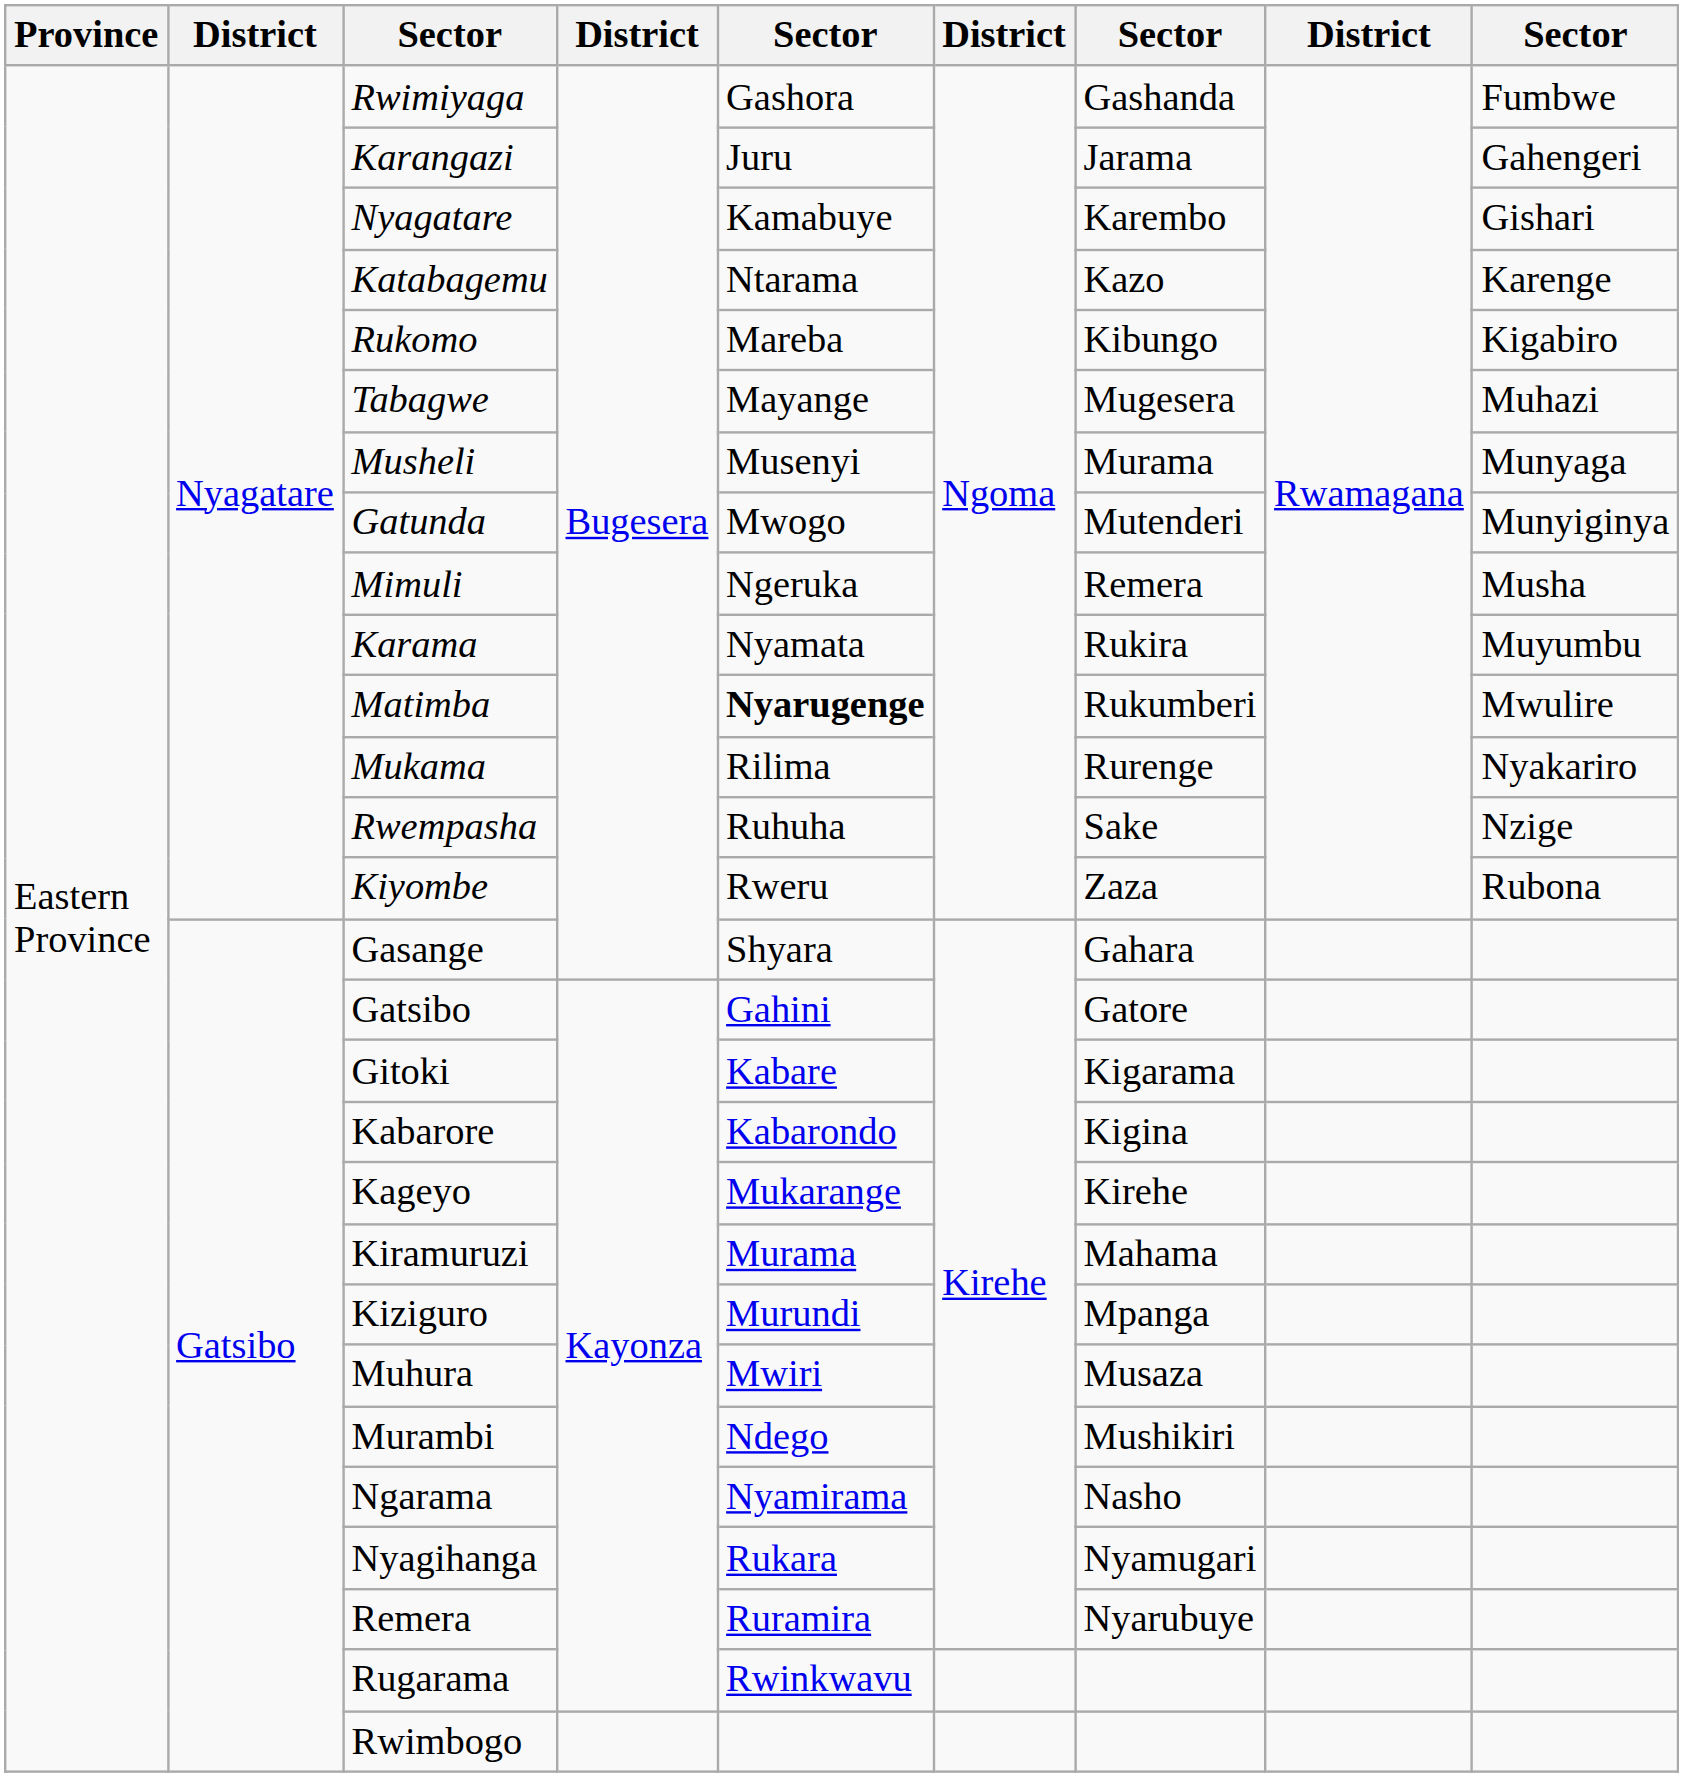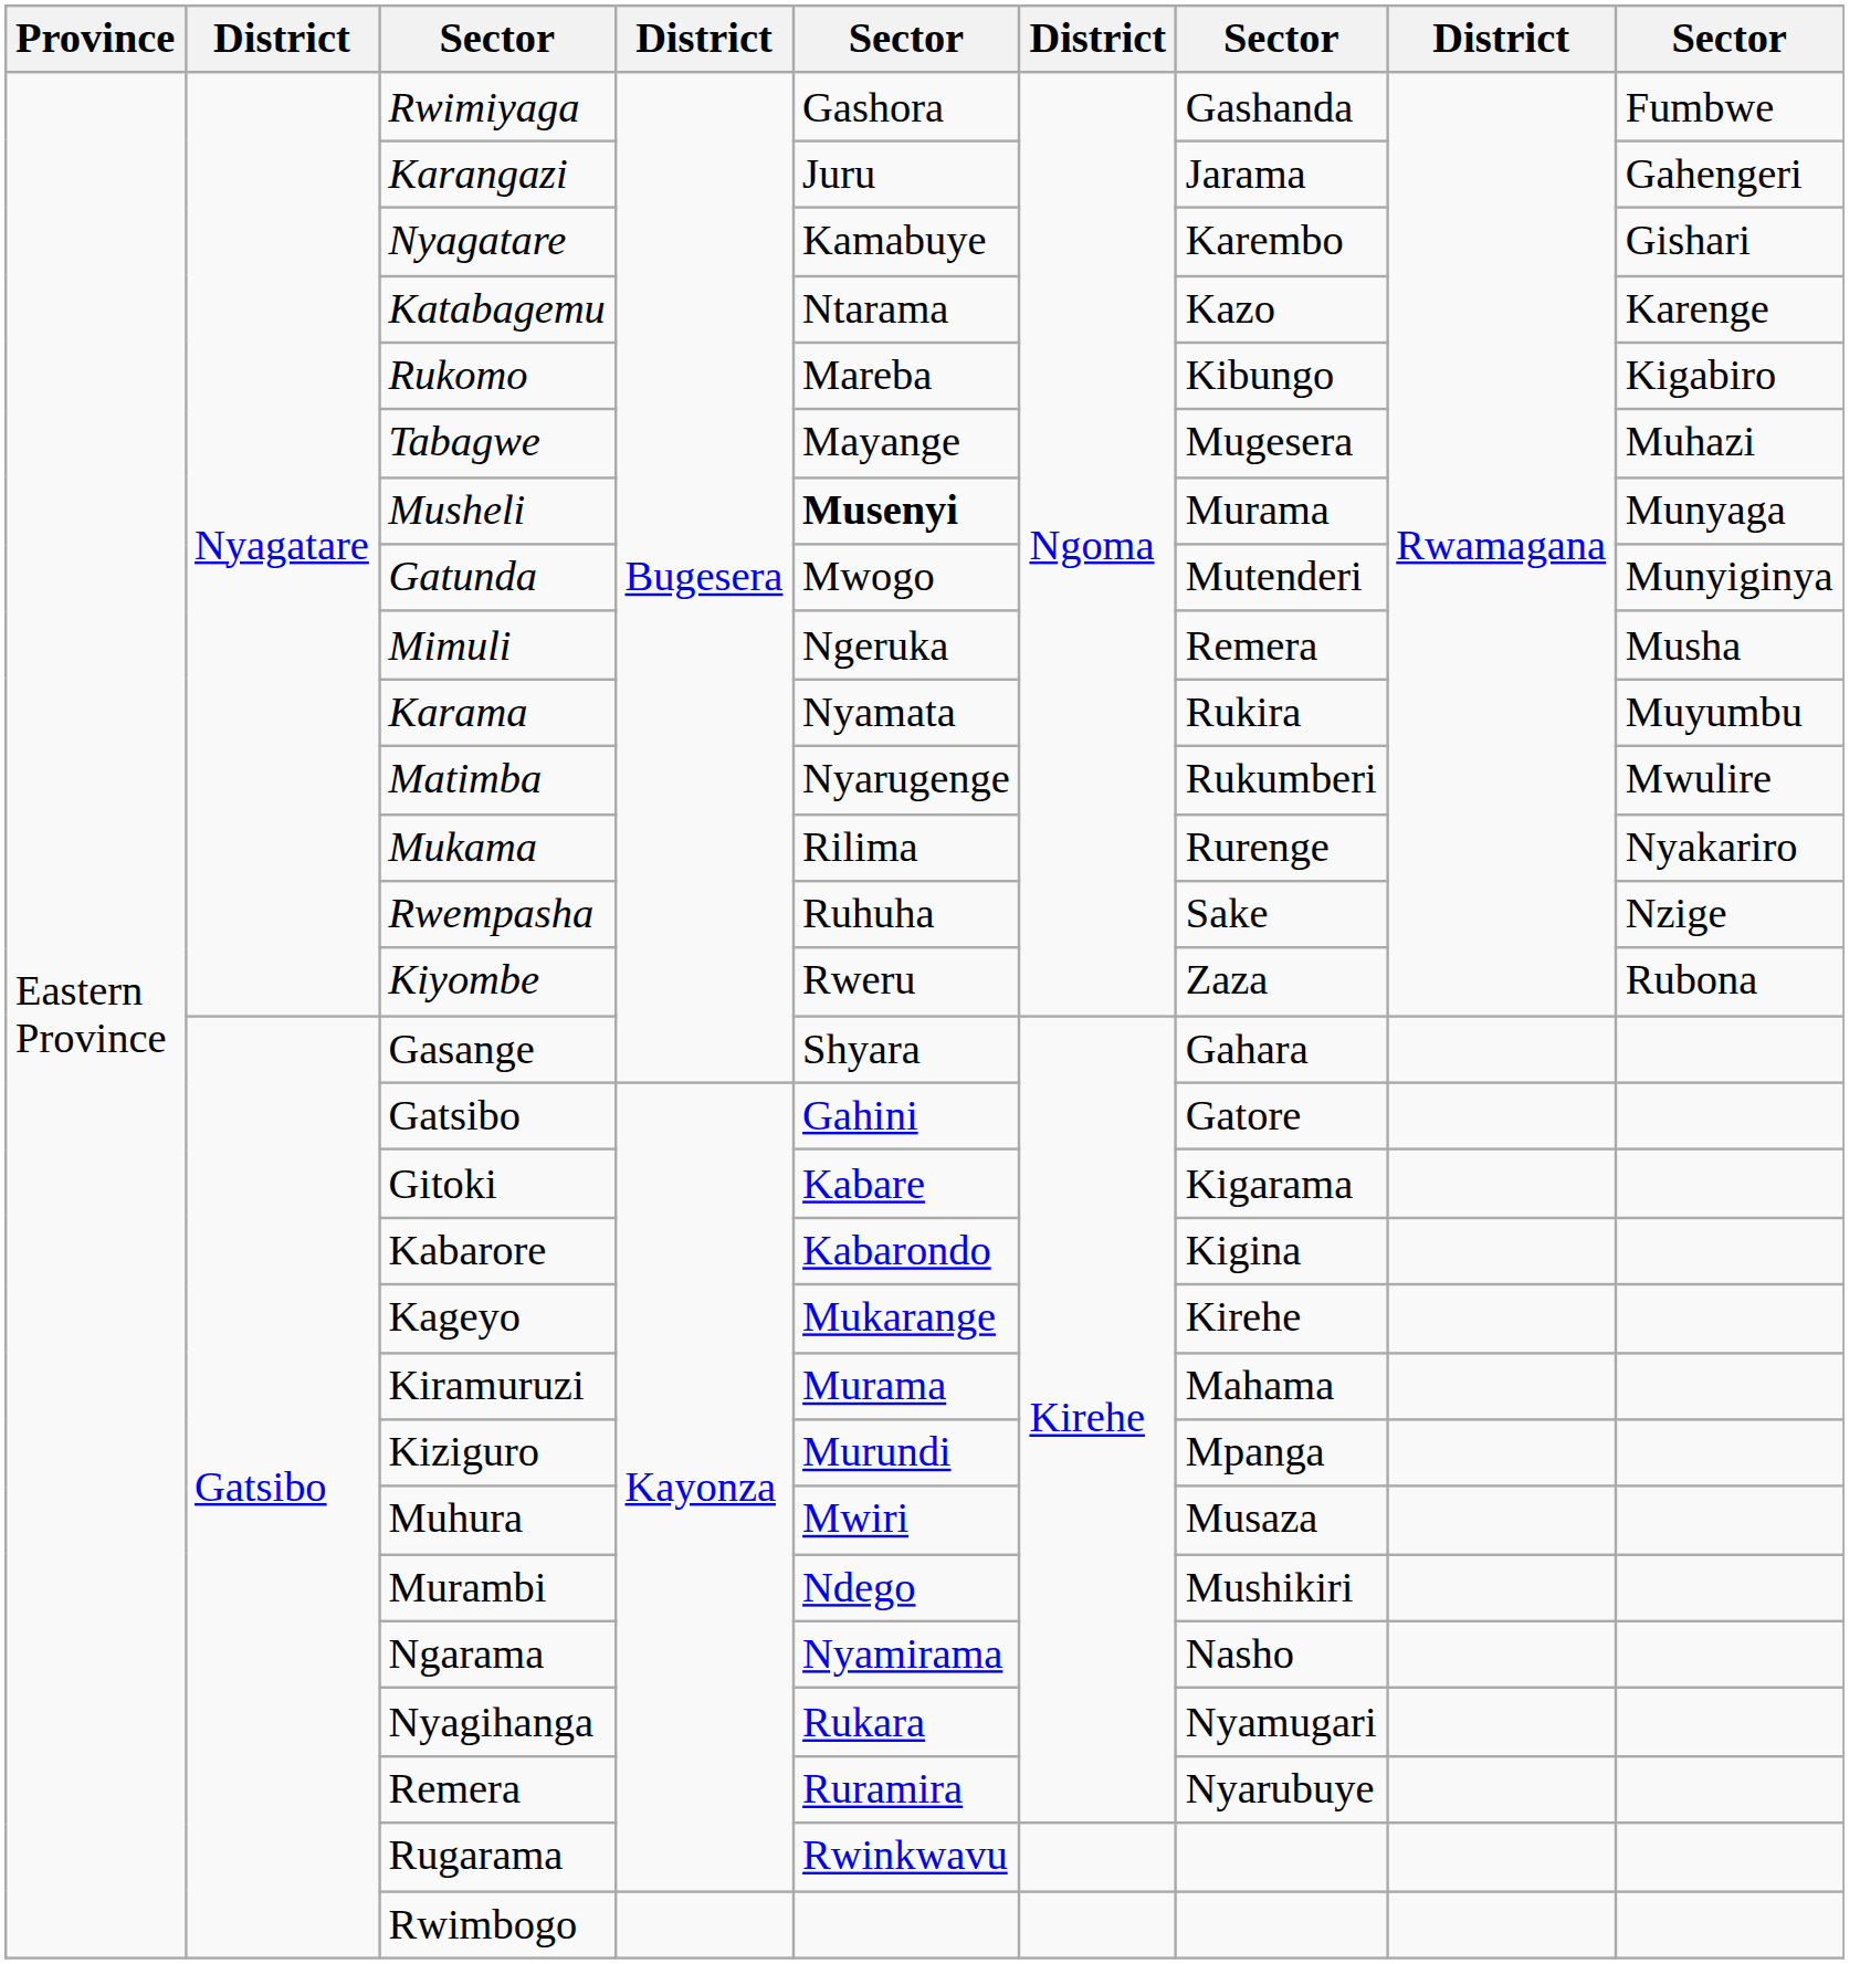 <table class="wikitable">
 <tr>
 <th>Province</th>
 <th>District</th>
 <th>Sector</th>
 <th>District</th>
 <th>Sector</th>
 <th>District</th>
 <th>Sector</th>
 <th>District</th>
 <th>Sector</th>
 </tr>
 <tr>
 <td rowspan="28">Eastern Province</td>
 <td rowspan="14"><a href='#'>Nyagatare</a></td>
 <td><em>Rwimiyaga</em></td>
 <td rowspan="15"><a href='#'>Bugesera</a></td>
 <td>Gashora</td>
 <td rowspan="14"><a href='#'>Ngoma</a></td>
 <td>Gashanda</td>
 <td rowspan="14"><a href='#'>Rwamagana</a></td>
 <td>Fumbwe</td>
 </tr>
 <tr>
 <td><em>Karangazi</em></td>
 <td>Juru</td>
 <td>Jarama</td>
 <td>Gahengeri</td>
 </tr>
 <tr>
 <td><em>Nyagatare</em></td>
 <td>Kamabuye</td>
 <td>Karembo</td>
 <td>Gishari</td>
 </tr>
 <tr>
 <td><em>Katabagemu</em></td>
 <td>Ntarama</td>
 <td>Kazo</td>
 <td>Karenge</td>
 </tr>
 <tr>
 <td><em>Rukomo</em></td>
 <td>Mareba</td>
 <td>Kibungo</td>
 <td>Kigabiro</td>
 </tr>
 <tr>
 <td><em>Tabagwe</em></td>
 <td>Mayange</td>
 <td>Mugesera</td>
 <td>Muhazi</td>
 </tr>
 <tr>
 <td><em>Musheli</em></td>
-<td>Musenyi</td>
+<td><strong>Musenyi</strong></td>
 <td>Murama</td>
 <td>Munyaga</td>
 </tr>
 <tr>
 <td><em>Gatunda</em></td>
 <td>Mwogo</td>
 <td>Mutenderi</td>
 <td>Munyiginya</td>
 </tr>
 <tr>
 <td><em>Mimuli</em></td>
 <td>Ngeruka</td>
 <td>Remera</td>
 <td>Musha</td>
 </tr>
 <tr>
 <td><em>Karama</em></td>
 <td>Nyamata</td>
 <td>Rukira</td>
 <td>Muyumbu</td>
 </tr>
 <tr>
 <td><em>Matimba</em></td>
-<td><strong>Nyarugenge</strong></td>
+<td>Nyarugenge</td>
 <td>Rukumberi</td>
 <td>Mwulire</td>
 </tr>
 <tr>
 <td><em>Mukama</em></td>
 <td>Rilima</td>
 <td>Rurenge</td>
 <td>Nyakariro</td>
 </tr>
 <tr>
 <td><em>Rwempasha</em></td>
 <td>Ruhuha</td>
 <td>Sake</td>
 <td>Nzige</td>
 </tr>
 <tr>
 <td><em>Kiyombe</em></td>
 <td>Rweru</td>
 <td>Zaza</td>
 <td>Rubona</td>
 </tr>
 <tr>
 <td rowspan="14"><a href='#'>Gatsibo</a></td>
 <td>Gasange</td>
 <td>Shyara</td>
 <td rowspan="12"><a href='#'>Kirehe</a></td>
 <td>Gahara</td>
 <td></td>
 <td></td>
 </tr>
 <tr>
 <td>Gatsibo</td>
 <td rowspan="12"><a href='#'>Kayonza</a></td>
 <td><a href='#'>Gahini</a></td>
 <td>Gatore</td>
 <td></td>
 <td></td>
 </tr>
 <tr>
 <td>Gitoki</td>
 <td><a href='#'>Kabare</a></td>
 <td>Kigarama</td>
 <td></td>
 <td></td>
 </tr>
 <tr>
 <td>Kabarore</td>
 <td><a href='#'>Kabarondo</a></td>
 <td>Kigina</td>
 <td></td>
 <td></td>
 </tr>
 <tr>
 <td>Kageyo</td>
 <td><a href='#'>Mukarange</a></td>
 <td>Kirehe</td>
 <td></td>
 <td></td>
 </tr>
 <tr>
 <td>Kiramuruzi</td>
 <td><a href='#'>Murama</a></td>
 <td>Mahama</td>
 <td></td>
 <td></td>
 </tr>
 <tr>
 <td>Kiziguro</td>
 <td><a href='#'>Murundi</a></td>
 <td>Mpanga</td>
 <td></td>
 <td></td>
 </tr>
 <tr>
 <td>Muhura</td>
 <td><a href='#'>Mwiri</a></td>
 <td>Musaza</td>
 <td></td>
 <td></td>
 </tr>
 <tr>
 <td>Murambi</td>
 <td><a href='#'>Ndego</a></td>
 <td>Mushikiri</td>
 <td></td>
 <td></td>
 </tr>
 <tr>
 <td>Ngarama</td>
 <td><a href='#'>Nyamirama</a></td>
 <td>Nasho</td>
 <td></td>
 <td></td>
 </tr>
 <tr>
 <td>Nyagihanga</td>
 <td><a href='#'>Rukara</a></td>
 <td>Nyamugari</td>
 <td></td>
 <td></td>
 </tr>
 <tr>
 <td>Remera</td>
 <td><a href='#'>Ruramira</a></td>
 <td>Nyarubuye</td>
 <td></td>
 <td></td>
 </tr>
 <tr>
 <td>Rugarama</td>
 <td><a href='#'>Rwinkwavu</a></td>
 <td></td>
 <td></td>
 <td></td>
 <td></td>
 </tr>
 <tr>
 <td>Rwimbogo</td>
 <td></td>
 <td></td>
 <td></td>
 <td></td>
 <td></td>
 <td></td>
 </tr>
 </table>
